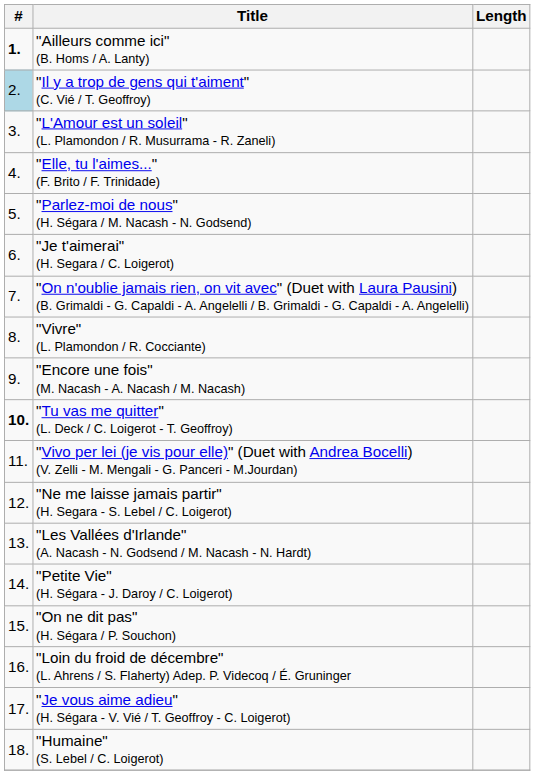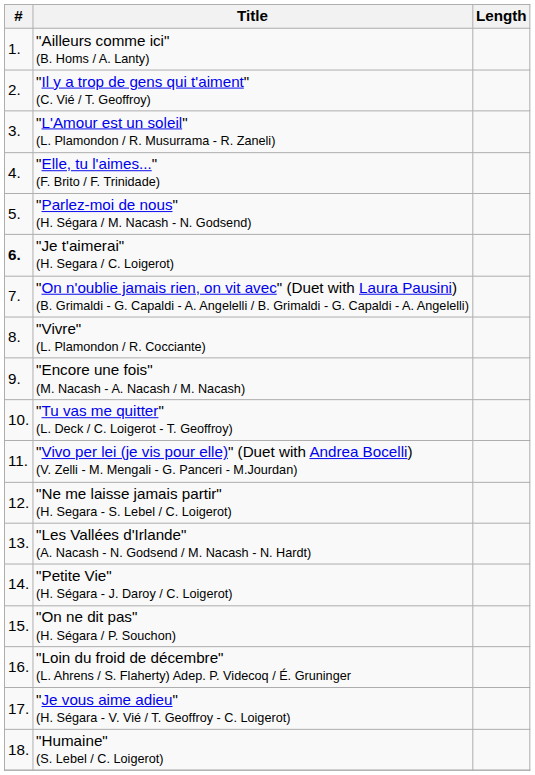 <table class="wikitable" size=80%>
 <tr>
 <th>#</th>
 <th>Title</th>
 <th>Length</th>
 </tr>
 <tr>
-<td><strong>1.</strong></td>
+<td>1.</td>
 <td>"Ailleurs comme ici" <br><small>(B. Homs / A. Lanty)</small></td>
 <td></td>
 </tr>
 <tr>
-<td style="background: lightblue;">2.</td>
+<td>2.</td>
 <td>"<a href='#'>Il y a trop de gens qui t'aiment</a>" <br><small>(C. Vié / T. Geoffroy)</small></td>
 <td></td>
 </tr>
 <tr>
 <td>3.</td>
 <td>"<a href='#'>L'Amour est un soleil</a>" <br><small>(L. Plamondon / R. Musurrama - R. Zaneli)</small></td>
 <td></td>
 </tr>
 <tr>
 <td>4.</td>
 <td>"<a href='#'>Elle, tu l'aimes...</a>" <br><small>(F. Brito / F. Trinidade)</small></td>
 <td></td>
 </tr>
 <tr>
 <td>5.</td>
 <td>"<a href='#'>Parlez-moi de nous</a>" <br><small>(H. Ségara / M. Nacash - N. Godsend)</small></td>
 <td></td>
 </tr>
 <tr>
-<td>6.</td>
+<td><strong>6.</strong></td>
 <td>"Je t'aimerai" <br><small>(H. Segara / C. Loigerot)</small></td>
 <td></td>
 </tr>
 <tr>
 <td>7.</td>
 <td>"<a href='#'>On n'oublie jamais rien, on vit avec</a>" (Duet with <a href='#'>Laura Pausini</a>)<br><small>(B. Grimaldi - G. Capaldi - A. Angelelli / B. Grimaldi - G. Capaldi - A. Angelelli)</small></td>
 <td></td>
 </tr>
 <tr>
 <td>8.</td>
 <td>"Vivre" <br><small>(L. Plamondon / R. Cocciante)</small></td>
 <td></td>
 </tr>
 <tr>
 <td>9.</td>
 <td>"Encore une fois" <br><small>(M. Nacash - A. Nacash / M. Nacash)</small></td>
 <td></td>
 </tr>
 <tr>
-<td><strong>10.</strong></td>
+<td>10.</td>
 <td>"<a href='#'>Tu vas me quitter</a>" <br><small>(L. Deck / C. Loigerot - T. Geoffroy)</small></td>
 <td></td>
 </tr>
 <tr>
 <td>11.</td>
 <td>"<a href='#'>Vivo per lei (je vis pour elle)</a>" (Duet with <a href='#'>Andrea Bocelli</a>)<br><small>(V. Zelli - M. Mengali - G. Panceri - M.Jourdan)</small></td>
 <td></td>
 </tr>
 <tr>
 <td>12.</td>
 <td>"Ne me laisse jamais partir" <br><small>(H. Segara - S. Lebel / C. Loigerot)</small></td>
 <td></td>
 </tr>
 <tr>
 <td>13.</td>
 <td>"Les Vallées d'Irlande" <br><small>(A. Nacash - N. Godsend / M. Nacash - N. Hardt)</small></td>
 <td></td>
 </tr>
 <tr>
 <td>14.</td>
 <td>"Petite Vie" <br><small>(H. Ségara - J. Daroy / C. Loigerot)</small></td>
 <td></td>
 </tr>
 <tr>
 <td>15.</td>
 <td>"On ne dit pas" <br><small>(H. Ségara / P. Souchon)</small></td>
 <td></td>
 </tr>
 <tr>
 <td>16.</td>
 <td>"Loin du froid de décembre" <br><small>(L. Ahrens / S. Flaherty) Adep. P. Videcoq / É. Gruninger</small></td>
 <td></td>
 </tr>
 <tr>
 <td>17.</td>
 <td>"<a href='#'>Je vous aime adieu</a>" <br><small>(H. Ségara - V. Vié / T. Geoffroy - C. Loigerot)</small></td>
 <td></td>
 </tr>
 <tr>
 <td>18.</td>
 <td>"Humaine" <br><small>(S. Lebel / C. Loigerot)</small></td>
 <td></td>
 </tr>
 <tr>
 </tr>
 </table>
